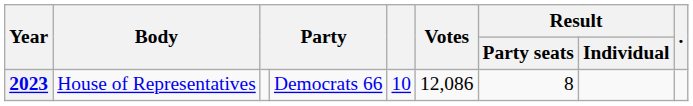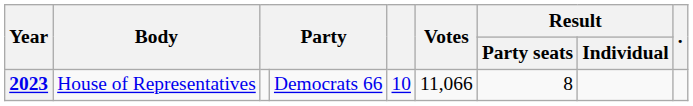 <table class="wikitable plainrowheaders sortable" border=2 cellpadding=4 cellspacing=0 style="border: 1px #aaa solid; font-size: 90%; text-align:center;">
 <tr>
 <th scope="col" rowspan=2>Year</th>
 <th scope="col" rowspan=2>Body</th>
 <th scope="col" colspan=2 rowspan=2>Party</th>
 <th scope="col" rowspan=2></th>
 <th scope="col" rowspan=2>Votes</th>
 <th scope="colgroup" colspan=2>Result</th>
 <th scope="col" rowspan=2 class="unsortable">.</th>
 </tr>
 <tr>
 <th scope="col">Party seats</th>
 <th scope="col">Individual</th>
 </tr>
 <tr>
 <th scope="row"><a href='#'>2023</a></th>
 <td><a href='#'>House of Representatives</a></td>
 <td style="background-color:"></td>
 <td><a href='#'>Democrats 66</a></td>
 <td style=text-align:right><a href='#'>10</a></td>
-<td style=text-align:right>12,086</td>
+<td style=text-align:right>11,066</td>
 <td style=text-align:right>8</td>
 <td></td>
 <td></td>
 </tr>
 </table>
